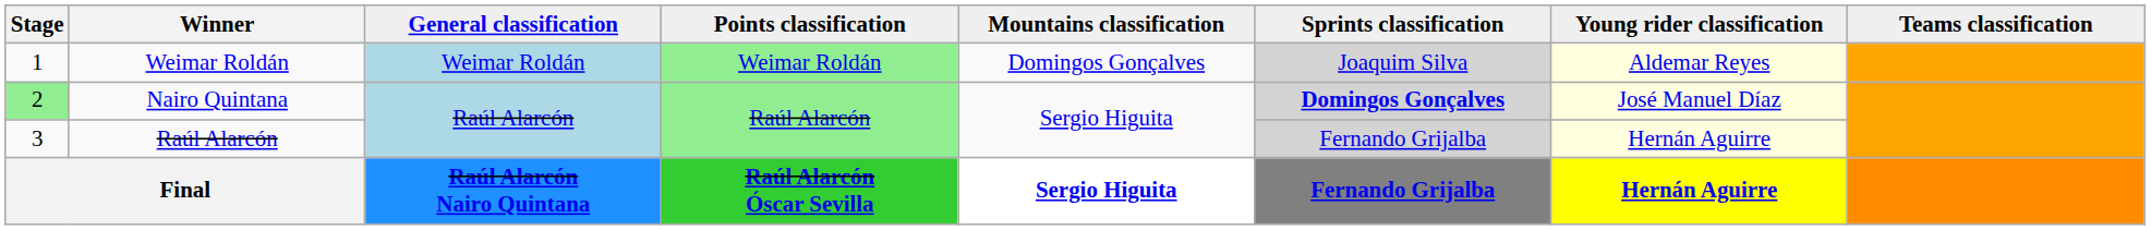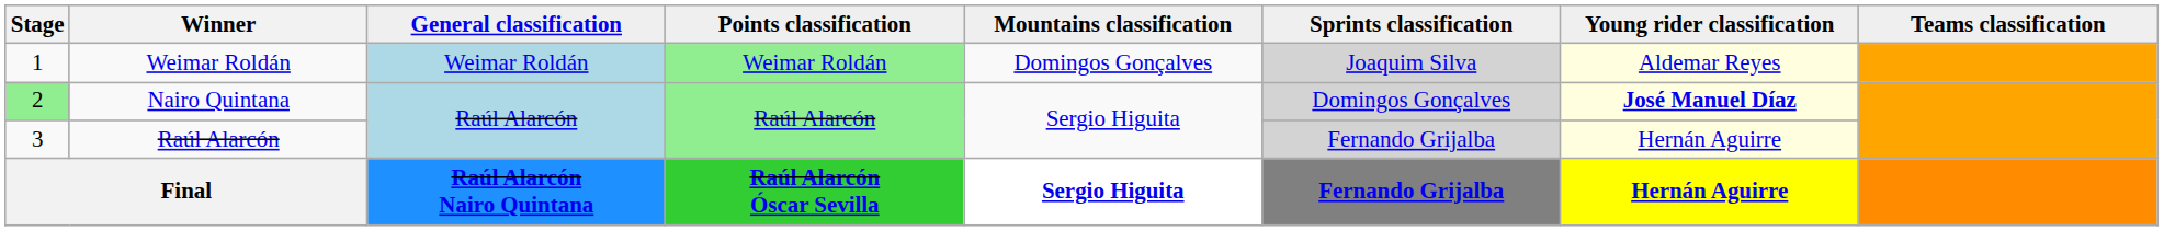 <table class=wikitable style="text-align: center; font-size:smaller;">
 <tr>
 <th style="width:1%;">Stage</th>
 <th style="width:14%;">Winner</th>
 <th style="background:#efefef; width:14%;"><a href='#'>General classification</a><br></th>
 <th style="background:#efefef; width:14%;">Points classification<br></th>
 <th style="background:#efefef; width:14%;">Mountains classification<br></th>
 <th style="background:#efefef; width:14%;">Sprints classification<br></th>
 <th style="background:#efefef; width:14%;">Young rider classification</th>
 <th style="background:#efefef; width:14%;">Teams classification</th>
 </tr>
 <tr>
 <td>1</td>
 <td><a href='#'>Weimar Roldán</a></td>
 <td style="background:#ADD8E6;"><a href='#'>Weimar Roldán</a></td>
 <td style="background-color:lightgreen;"><a href='#'>Weimar Roldán</a></td>
 <td style="background-color:offwhite;"><a href='#'>Domingos Gonçalves</a></td>
 <td style="background:lightgrey;"><a href='#'>Joaquim Silva</a></td>
 <td style="background:lightyellow;"><a href='#'>Aldemar Reyes</a></td>
 <td style="background:orange;"></td>
 </tr>
 <tr>
 <td style="background: lightgreen;">2</td>
 <td><a href='#'>Nairo Quintana</a></td>
 <td style="background:#ADD8E6;" rowspan=2><s><a href='#'>Raúl Alarcón</a></s></td>
 <td style="background-color:lightgreen;" rowspan=2><s><a href='#'>Raúl Alarcón</a></s></td>
 <td style="background-color:offwhite;" rowspan=2><a href='#'>Sergio Higuita</a></td>
-<td style="background:lightgrey;"><strong><a href='#'>Domingos Gonçalves</a></strong></td>
-<td style="background:lightyellow;"><a href='#'>José Manuel Díaz</a></td>
+<td style="background:lightgrey;"><a href='#'>Domingos Gonçalves</a></td>
+<td style="background:lightyellow;"><strong><a href='#'>José Manuel Díaz</a></strong></td>
 <td style="background:orange;" rowspan=2></td>
 </tr>
 <tr>
 <td>3</td>
 <td><s><a href='#'>Raúl Alarcón</a></s></td>
 <td style="background:lightgrey;"><a href='#'>Fernando Grijalba</a></td>
 <td style="background:lightyellow;"><a href='#'>Hernán Aguirre</a></td>
 </tr>
 <tr>
 <th colspan=2>Final</th>
 <th style="background:dodgerblue;"><s><a href='#'>Raúl Alarcón</a></s> <br> <a href='#'>Nairo Quintana</a></th>
 <th style="background:limegreen;"><s><a href='#'>Raúl Alarcón</a></s> <br> <a href='#'>Óscar Sevilla</a></th>
 <th style="background:white;"><a href='#'>Sergio Higuita</a></th>
 <th style="background:grey;"><a href='#'>Fernando Grijalba</a></th>
 <th style="background:yellow;"><a href='#'>Hernán Aguirre</a></th>
 <th style="background:darkorange;"></th>
 </tr>
 </table>
